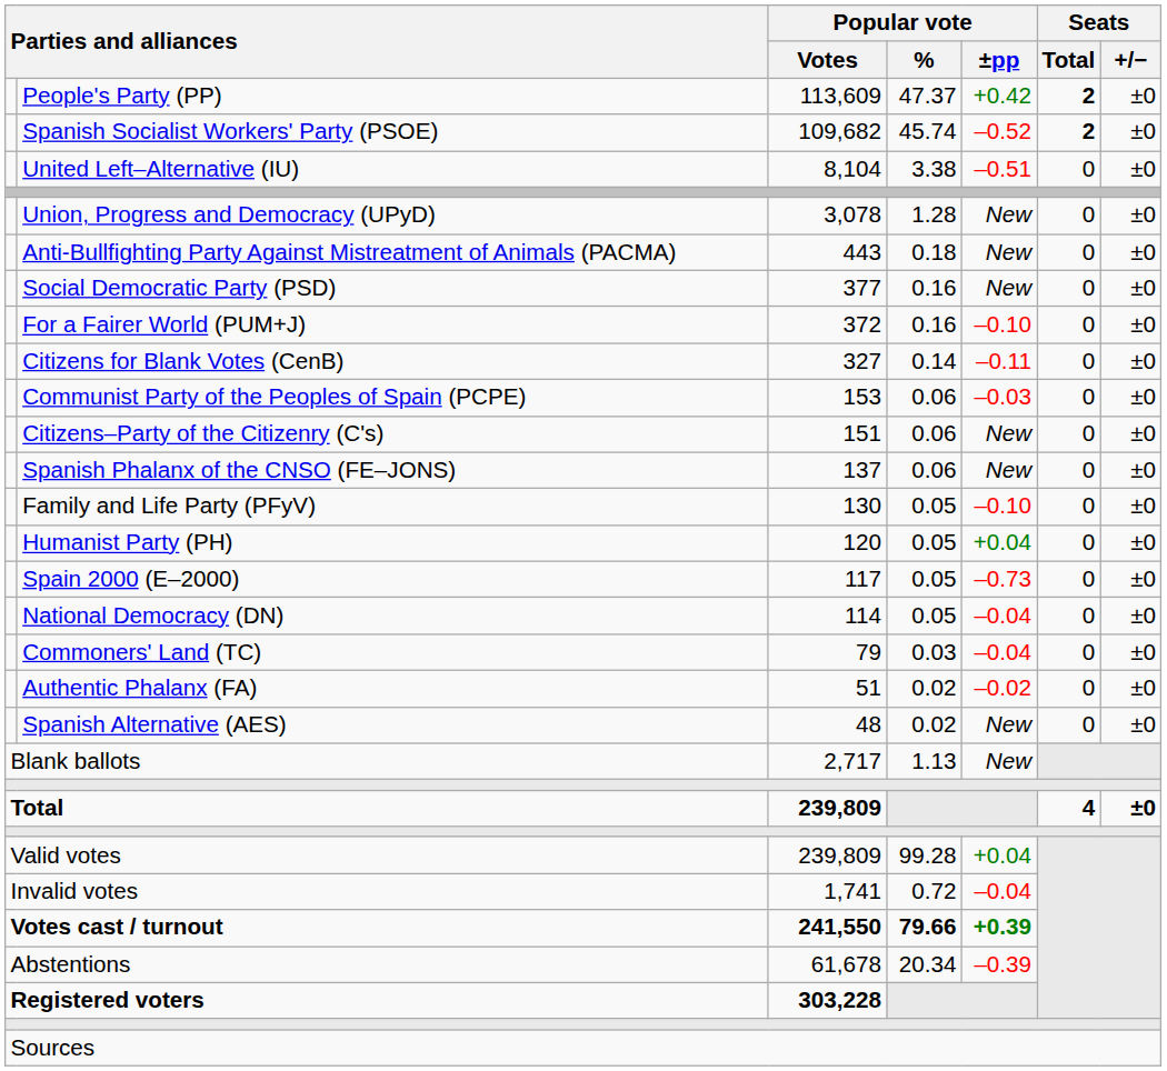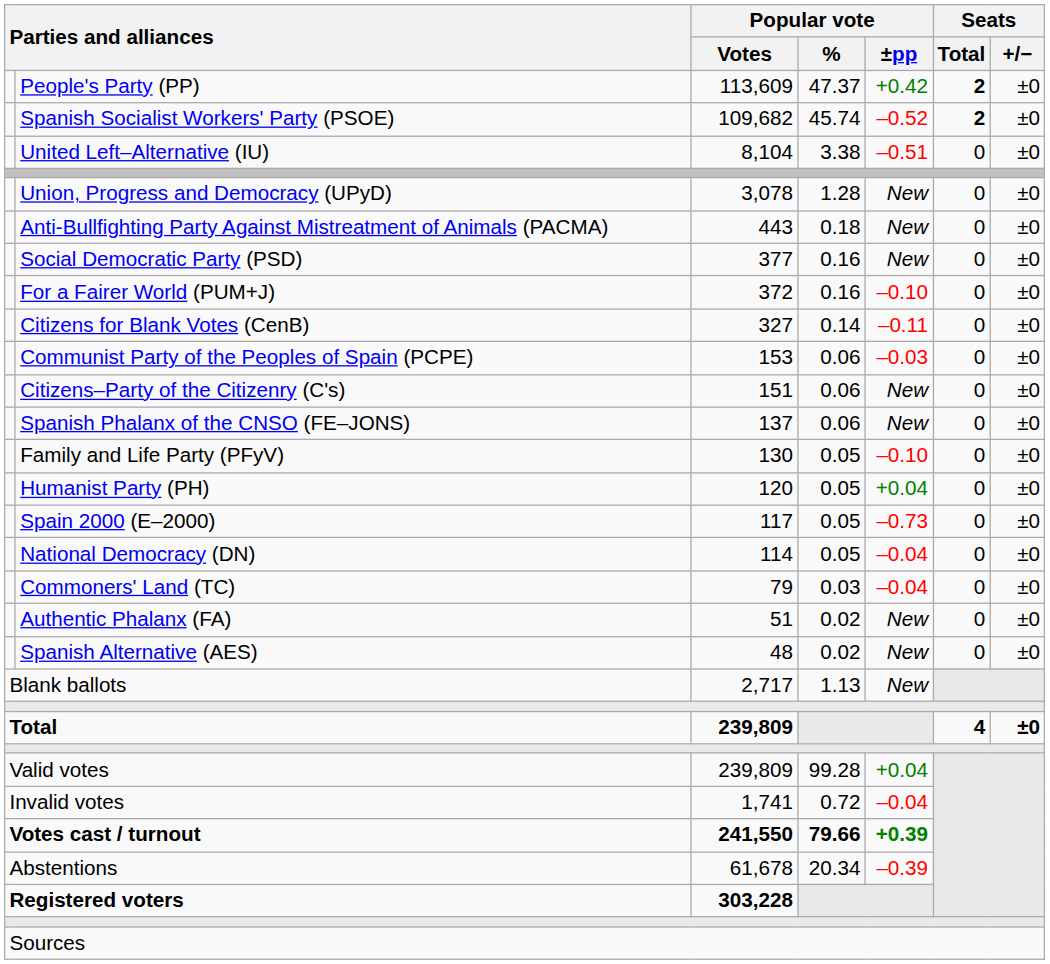 <table class="wikitable" style="text-align:right;">
 <tr>
 <th style="text-align:left;" rowspan="2" colspan="2" width="525">Parties and alliances</th>
 <th colspan="3">Popular vote</th>
 <th colspan="2">Seats</th>
 </tr>
 <tr>
 <th width="75">Votes</th>
 <th width="45">%</th>
 <th width="45">±<a href='#'>pp</a></th>
 <th width="35">Total</th>
 <th width="35">+/−</th>
 </tr>
 <tr>
 <td width="1" style="color:inherit;background:"></td>
 <td align="left"><a href='#'>People's Party</a> (PP)</td>
 <td>113,609</td>
 <td>47.37</td>
 <td style="color:green;">+0.42</td>
 <td><strong>2</strong></td>
 <td>±0</td>
 </tr>
 <tr>
 <td style="color:inherit;background:"></td>
 <td align="left"><a href='#'>Spanish Socialist Workers' Party</a> (PSOE)</td>
 <td>109,682</td>
 <td>45.74</td>
 <td style="color:red;">–0.52</td>
 <td><strong>2</strong></td>
 <td>±0</td>
 </tr>
 <tr>
 <td style="color:inherit;background:"></td>
 <td align="left"><a href='#'>United Left–Alternative</a> (IU)</td>
 <td>8,104</td>
 <td>3.38</td>
 <td style="color:red;">–0.51</td>
 <td>0</td>
 <td>±0</td>
 </tr>
 <tr>
 <td colspan="7" bgcolor="#C0C0C0"></td>
 </tr>
 <tr>
 <td style="color:inherit;background:"></td>
 <td align="left"><a href='#'>Union, Progress and Democracy</a> (UPyD)</td>
 <td>3,078</td>
 <td>1.28</td>
 <td><em>New</em></td>
 <td>0</td>
 <td>±0</td>
 </tr>
 <tr>
 <td style="color:inherit;background:"></td>
 <td align="left"><a href='#'>Anti-Bullfighting Party Against Mistreatment of Animals</a> (PACMA)</td>
 <td>443</td>
 <td>0.18</td>
 <td><em>New</em></td>
 <td>0</td>
 <td>±0</td>
 </tr>
 <tr>
 <td style="color:inherit;background:"></td>
 <td align="left"><a href='#'>Social Democratic Party</a> (PSD)</td>
 <td>377</td>
 <td>0.16</td>
 <td><em>New</em></td>
 <td>0</td>
 <td>±0</td>
 </tr>
 <tr>
 <td style="color:inherit;background:"></td>
 <td align="left"><a href='#'>For a Fairer World</a> (PUM+J)</td>
 <td>372</td>
 <td>0.16</td>
 <td style="color:red;">–0.10</td>
 <td>0</td>
 <td>±0</td>
 </tr>
 <tr>
 <td style="color:inherit;background:"></td>
 <td align="left"><a href='#'>Citizens for Blank Votes</a> (CenB)</td>
 <td>327</td>
 <td>0.14</td>
 <td style="color:red;">–0.11</td>
 <td>0</td>
 <td>±0</td>
 </tr>
 <tr>
 <td style="color:inherit;background:"></td>
 <td align="left"><a href='#'>Communist Party of the Peoples of Spain</a> (PCPE)</td>
 <td>153</td>
 <td>0.06</td>
 <td style="color:red;">–0.03</td>
 <td>0</td>
 <td>±0</td>
 </tr>
 <tr>
 <td style="color:inherit;background:"></td>
 <td align="left"><a href='#'>Citizens–Party of the Citizenry</a> (C's)</td>
 <td>151</td>
 <td>0.06</td>
 <td><em>New</em></td>
 <td>0</td>
 <td>±0</td>
 </tr>
 <tr>
 <td style="color:inherit;background:"></td>
 <td align="left"><a href='#'>Spanish Phalanx of the CNSO</a> (FE–JONS)</td>
 <td>137</td>
 <td>0.06</td>
 <td><em>New</em></td>
 <td>0</td>
 <td>±0</td>
 </tr>
 <tr>
 <td style="color:inherit;background:"></td>
 <td align="left">Family and Life Party (PFyV)</td>
 <td>130</td>
 <td>0.05</td>
 <td style="color:red;">–0.10</td>
 <td>0</td>
 <td>±0</td>
 </tr>
 <tr>
 <td style="color:inherit;background:"></td>
 <td align="left"><a href='#'>Humanist Party</a> (PH)</td>
 <td>120</td>
 <td>0.05</td>
 <td style="color:green;">+0.04</td>
 <td>0</td>
 <td>±0</td>
 </tr>
 <tr>
 <td style="color:inherit;background:"></td>
 <td align="left"><a href='#'>Spain 2000</a> (E–2000)</td>
 <td>117</td>
 <td>0.05</td>
 <td style="color:red;">–0.73</td>
 <td>0</td>
 <td>±0</td>
 </tr>
 <tr>
 <td style="color:inherit;background:"></td>
 <td align="left"><a href='#'>National Democracy</a> (DN)</td>
 <td>114</td>
 <td>0.05</td>
 <td style="color:red;">–0.04</td>
 <td>0</td>
 <td>±0</td>
 </tr>
 <tr>
 <td style="color:inherit;background:"></td>
 <td align="left"><a href='#'>Commoners' Land</a> (TC)</td>
 <td>79</td>
 <td>0.03</td>
 <td style="color:red;">–0.04</td>
 <td>0</td>
 <td>±0</td>
 </tr>
 <tr>
 <td style="color:inherit;background:"></td>
 <td align="left"><a href='#'>Authentic Phalanx</a> (FA)</td>
 <td>51</td>
 <td>0.02</td>
-<td style="color:red;">–0.02</td>
+<td><em>New</em></td>
 <td>0</td>
 <td>±0</td>
 </tr>
 <tr>
 <td style="color:inherit;background:"></td>
 <td align="left"><a href='#'>Spanish Alternative</a> (AES)</td>
 <td>48</td>
 <td>0.02</td>
 <td><em>New</em></td>
 <td>0</td>
 <td>±0</td>
 </tr>
 <tr>
 <td align="left" colspan="2">Blank ballots</td>
 <td>2,717</td>
 <td>1.13</td>
 <td><em>New</em></td>
 <td bgcolor="#E9E9E9" colspan="2"></td>
 </tr>
 <tr>
 <td colspan="7" bgcolor="#E9E9E9"></td>
 </tr>
 <tr style="font-weight:bold;">
 <td align="left" colspan="2">Total</td>
 <td>239,809</td>
 <td bgcolor="#E9E9E9" colspan="2"></td>
 <td>4</td>
 <td>±0</td>
 </tr>
 <tr>
 <td colspan="7" bgcolor="#E9E9E9"></td>
 </tr>
 <tr>
 <td align="left" colspan="2">Valid votes</td>
 <td>239,809</td>
 <td>99.28</td>
 <td style="color:green;">+0.04</td>
 <td bgcolor="#E9E9E9" colspan="2" rowspan="5"></td>
 </tr>
 <tr>
 <td align="left" colspan="2">Invalid votes</td>
 <td>1,741</td>
 <td>0.72</td>
 <td style="color:red;">–0.04</td>
 </tr>
 <tr style="font-weight:bold;">
 <td align="left" colspan="2">Votes cast / turnout</td>
 <td>241,550</td>
 <td>79.66</td>
 <td style="color:green;">+0.39</td>
 </tr>
 <tr>
 <td align="left" colspan="2">Abstentions</td>
 <td>61,678</td>
 <td>20.34</td>
 <td style="color:red;">–0.39</td>
 </tr>
 <tr style="font-weight:bold;">
 <td align="left" colspan="2">Registered voters</td>
 <td>303,228</td>
 <td bgcolor="#E9E9E9" colspan="2"></td>
 </tr>
 <tr>
 <td colspan="7" bgcolor="#E9E9E9"></td>
 </tr>
 <tr>
 <td align="left" colspan="7">Sources</td>
 </tr>
 </table>
